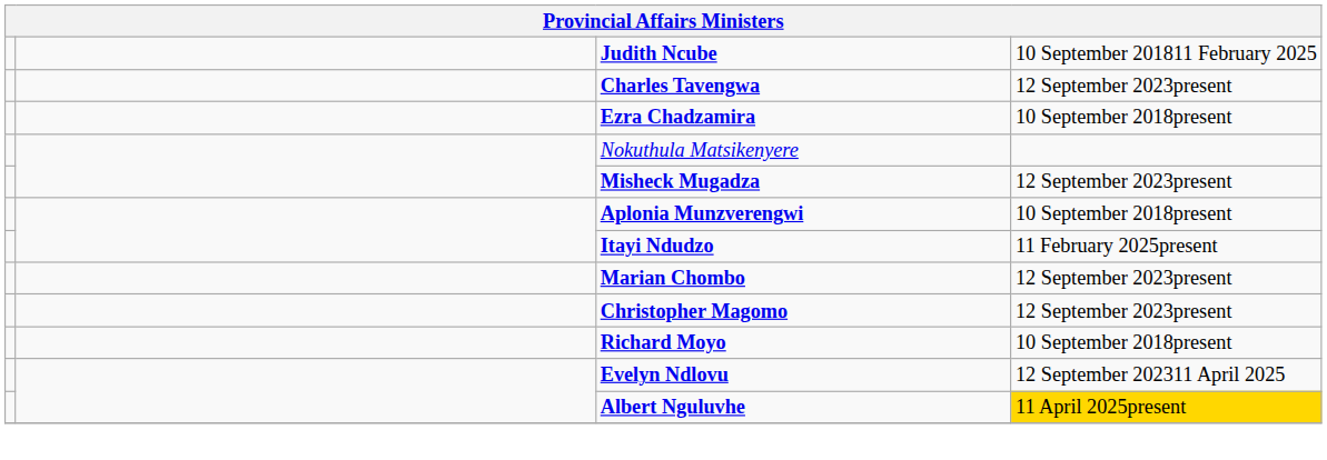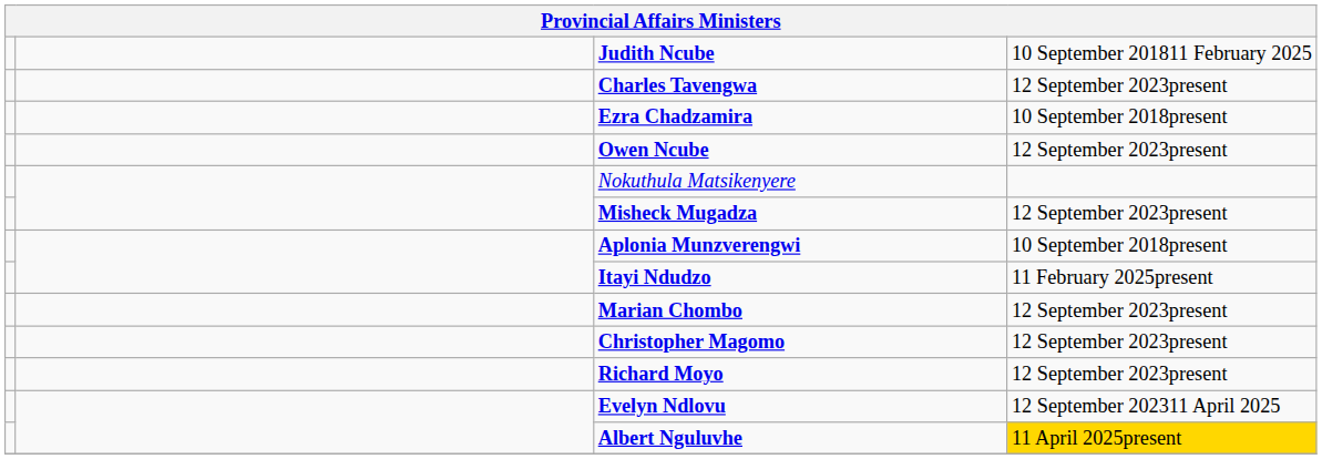 <table class="wikitable">
 <tr>
 <th colspan="4"><a href='#'>Provincial Affairs Ministers</a></th>
 </tr>
 <tr>
 <td style="width: 1px; background: "></td>
 <td style="width: 450px;"></td>
 <td style="width: 320px;"> <strong><a href='#'>Judith Ncube</a></strong></td>
 <td>10 September 201811 February 2025</td>
 </tr>
 <tr>
 <td style="width: 1px; background: "></td>
 <td style="width: 450px;"></td>
 <td style="width: 320px;"> <strong><a href='#'>Charles Tavengwa</a></strong></td>
 <td>12 September 2023present</td>
 </tr>
 <tr>
 <td style="width: 1px; background: "></td>
 <td style="width: 450px;"></td>
 <td style="width: 320px;"> <strong><a href='#'>Ezra Chadzamira</a></strong></td>
 <td>10 September 2018present</td>
+</tr>
+<tr>
+<td style="width: 1px; background: "></td>
+<td style="width: 450px;"></td>
+<td style="width: 320px;"> <strong><a href='#'>Owen Ncube</a></strong></td>
+<td>12 September 2023present</td>
 </tr>
 <tr>
 <td></td>
 <td rowspan="2" style="width: 450px;"></td>
 <td style="width: 320px;"> <em><a href='#'>Nokuthula Matsikenyere</a></em></td>
 <td></td>
 </tr>
 <tr>
 <td style="width: 1px; background: "></td>
 <td style="width: 320px;"> <strong><a href='#'>Misheck Mugadza</a></strong></td>
 <td>12 September 2023present</td>
 </tr>
 <tr>
 <td style="width: 1px; background: "></td>
 <td rowspan="2" style="width: 450px;"></td>
 <td style="width: 320px;"> <strong><a href='#'>Aplonia Munzverengwi</a></strong></td>
 <td>10 September 2018present</td>
 </tr>
 <tr>
 <td style="width: 1px; background: "></td>
 <td style="width: 320px;"> <strong><a href='#'>Itayi Ndudzo</a></strong></td>
 <td>11 February 2025present</td>
 </tr>
 <tr>
 <td style="width: 1px; background: "></td>
 <td style="width: 450px;"></td>
 <td style="width: 320px;"> <strong><a href='#'>Marian Chombo</a></strong></td>
 <td>12 September 2023present</td>
 </tr>
 <tr>
 <td style="width: 1px; background: "></td>
 <td style="width: 450px;"></td>
 <td style="width: 320px;"> <strong><a href='#'>Christopher Magomo</a></strong></td>
 <td>12 September 2023present</td>
 </tr>
 <tr>
 <td style="width: 1px; background: "></td>
 <td style="width: 450px;"></td>
 <td style="width: 320px;"> <strong><a href='#'>Richard Moyo</a></strong></td>
-<td>10 September 2018present</td>
+<td>12 September 2023present</td>
 </tr>
 <tr>
 <td style="width: 1px; background: "></td>
 <td rowspan="2" style="width: 450px;"></td>
 <td style="width: 320px;"> <strong><a href='#'>Evelyn Ndlovu</a></strong></td>
 <td>12 September 202311 April 2025</td>
 </tr>
 <tr>
 <td style="width: 1px; background: "></td>
 <td style="width: 320px;"> <strong><a href='#'>Albert Nguluvhe</a></strong></td>
 <td style="background: gold;">11 April 2025present</td>
 </tr>
 <tr>
 </tr>
 </table>
